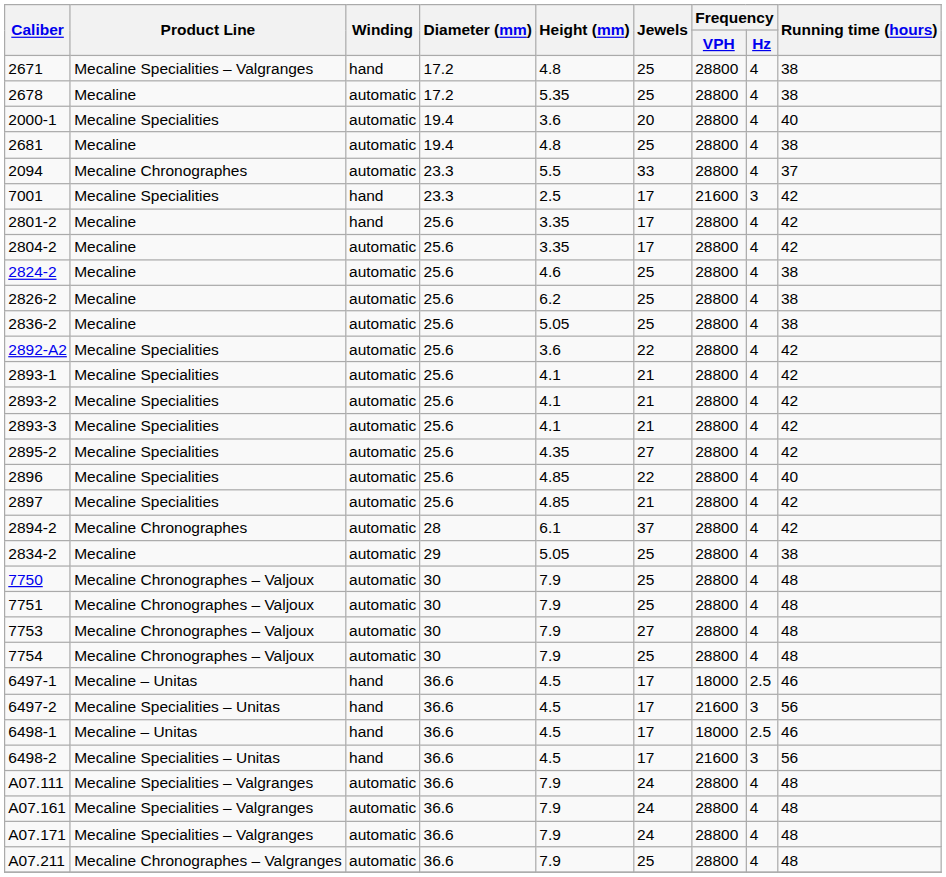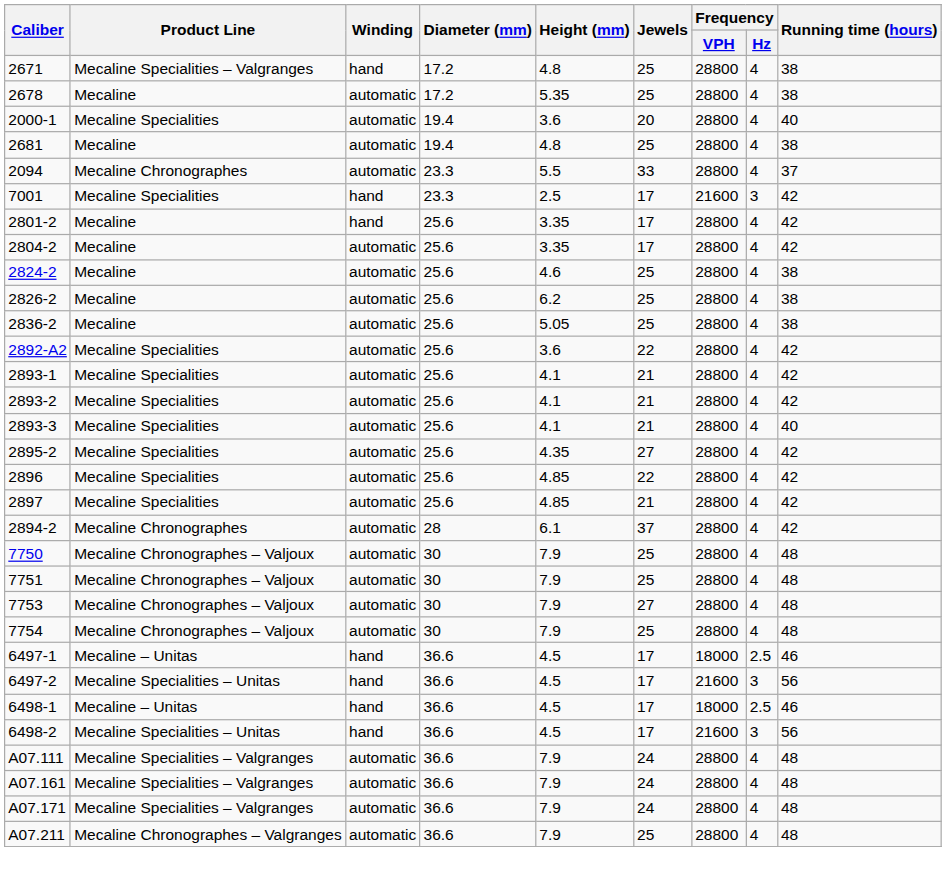 <table class="wikitable sortable" style="font-size: 80%;">
 <tr>
 <th rowspan="2"><a href='#'>Caliber</a></th>
 <th rowspan="2">Product Line</th>
 <th rowspan="2">Winding</th>
 <th rowspan="2">Diameter (<a href='#'>mm</a>)</th>
 <th rowspan="2">Height (<a href='#'>mm</a>)</th>
 <th rowspan="2">Jewels</th>
 <th colspan="2">Frequency</th>
 <th rowspan="2">Running time (<a href='#'>hours</a>)</th>
 </tr>
 <tr>
 <th><a href='#'>VPH</a></th>
 <th><a href='#'>Hz</a></th>
 </tr>
 <tr>
 <td>2671</td>
 <td>Mecaline Specialities – Valgranges</td>
 <td>hand</td>
 <td>17.2</td>
 <td>4.8</td>
 <td>25</td>
 <td>28800</td>
 <td>4</td>
 <td>38</td>
 </tr>
 <tr>
 <td>2678</td>
 <td>Mecaline</td>
 <td>automatic</td>
 <td>17.2</td>
 <td>5.35</td>
 <td>25</td>
 <td>28800</td>
 <td>4</td>
 <td>38</td>
 </tr>
 <tr>
 <td>2000-1</td>
 <td>Mecaline Specialities</td>
 <td>automatic</td>
 <td>19.4</td>
 <td>3.6</td>
 <td>20</td>
 <td>28800</td>
 <td>4</td>
 <td>40</td>
 </tr>
 <tr>
 <td>2681</td>
 <td>Mecaline</td>
 <td>automatic</td>
 <td>19.4</td>
 <td>4.8</td>
 <td>25</td>
 <td>28800</td>
 <td>4</td>
 <td>38</td>
 </tr>
 <tr>
 <td>2094</td>
 <td>Mecaline Chronographes</td>
 <td>automatic</td>
 <td>23.3</td>
 <td>5.5</td>
 <td>33</td>
 <td>28800</td>
 <td>4</td>
 <td>37</td>
 </tr>
 <tr>
 <td>7001</td>
 <td>Mecaline Specialities</td>
 <td>hand</td>
 <td>23.3</td>
 <td>2.5</td>
 <td>17</td>
 <td>21600</td>
 <td>3</td>
 <td>42</td>
 </tr>
 <tr>
 <td>2801-2</td>
 <td>Mecaline</td>
 <td>hand</td>
 <td>25.6</td>
 <td>3.35</td>
 <td>17</td>
 <td>28800</td>
 <td>4</td>
 <td>42</td>
 </tr>
 <tr>
 <td>2804-2</td>
 <td>Mecaline</td>
 <td>automatic</td>
 <td>25.6</td>
 <td>3.35</td>
 <td>17</td>
 <td>28800</td>
 <td>4</td>
 <td>42</td>
 </tr>
 <tr>
 <td><a href='#'>2824-2</a></td>
 <td>Mecaline</td>
 <td>automatic</td>
 <td>25.6</td>
 <td>4.6</td>
 <td>25</td>
 <td>28800</td>
 <td>4</td>
 <td>38</td>
 </tr>
 <tr>
 <td>2826-2</td>
 <td>Mecaline</td>
 <td>automatic</td>
 <td>25.6</td>
 <td>6.2</td>
 <td>25</td>
 <td>28800</td>
 <td>4</td>
 <td>38</td>
 </tr>
 <tr>
 <td>2836-2</td>
 <td>Mecaline</td>
 <td>automatic</td>
 <td>25.6</td>
 <td>5.05</td>
 <td>25</td>
 <td>28800</td>
 <td>4</td>
 <td>38</td>
 </tr>
 <tr>
 <td><a href='#'>2892-A2</a></td>
 <td>Mecaline Specialities</td>
 <td>automatic</td>
 <td>25.6</td>
 <td>3.6</td>
 <td>22</td>
 <td>28800</td>
 <td>4</td>
 <td>42</td>
 </tr>
 <tr>
 <td>2893-1</td>
 <td>Mecaline Specialities</td>
 <td>automatic</td>
 <td>25.6</td>
 <td>4.1</td>
 <td>21</td>
 <td>28800</td>
 <td>4</td>
 <td>42</td>
 </tr>
 <tr>
 <td>2893-2</td>
 <td>Mecaline Specialities</td>
 <td>automatic</td>
 <td>25.6</td>
 <td>4.1</td>
 <td>21</td>
 <td>28800</td>
 <td>4</td>
 <td>42</td>
 </tr>
 <tr>
 <td>2893-3</td>
 <td>Mecaline Specialities</td>
 <td>automatic</td>
 <td>25.6</td>
 <td>4.1</td>
 <td>21</td>
 <td>28800</td>
 <td>4</td>
-<td>42</td>
+<td>40</td>
 </tr>
 <tr>
 <td>2895-2</td>
 <td>Mecaline Specialities</td>
 <td>automatic</td>
 <td>25.6</td>
 <td>4.35</td>
 <td>27</td>
 <td>28800</td>
 <td>4</td>
 <td>42</td>
 </tr>
 <tr>
 <td>2896</td>
 <td>Mecaline Specialities</td>
 <td>automatic</td>
 <td>25.6</td>
 <td>4.85</td>
 <td>22</td>
 <td>28800</td>
 <td>4</td>
-<td>40</td>
+<td>42</td>
 </tr>
 <tr>
 <td>2897</td>
 <td>Mecaline Specialities</td>
 <td>automatic</td>
 <td>25.6</td>
 <td>4.85</td>
 <td>21</td>
 <td>28800</td>
 <td>4</td>
 <td>42</td>
 </tr>
 <tr>
 <td>2894-2</td>
 <td>Mecaline Chronographes</td>
 <td>automatic</td>
 <td>28</td>
 <td>6.1</td>
 <td>37</td>
 <td>28800</td>
 <td>4</td>
 <td>42</td>
-</tr>
-<tr>
-<td>2834-2</td>
-<td>Mecaline</td>
-<td>automatic</td>
-<td>29</td>
-<td>5.05</td>
-<td>25</td>
-<td>28800</td>
-<td>4</td>
-<td>38</td>
 </tr>
 <tr>
 <td><a href='#'>7750</a></td>
 <td>Mecaline Chronographes – Valjoux</td>
 <td>automatic</td>
 <td>30</td>
 <td>7.9</td>
 <td>25</td>
 <td>28800</td>
 <td>4</td>
 <td>48</td>
 </tr>
 <tr>
 <td>7751</td>
 <td>Mecaline Chronographes – Valjoux</td>
 <td>automatic</td>
 <td>30</td>
 <td>7.9</td>
 <td>25</td>
 <td>28800</td>
 <td>4</td>
 <td>48</td>
 </tr>
 <tr>
 <td>7753</td>
 <td>Mecaline Chronographes – Valjoux</td>
 <td>automatic</td>
 <td>30</td>
 <td>7.9</td>
 <td>27</td>
 <td>28800</td>
 <td>4</td>
 <td>48</td>
 </tr>
 <tr>
 <td>7754</td>
 <td>Mecaline Chronographes – Valjoux</td>
 <td>automatic</td>
 <td>30</td>
 <td>7.9</td>
 <td>25</td>
 <td>28800</td>
 <td>4</td>
 <td>48</td>
 </tr>
 <tr>
 <td>6497-1</td>
 <td>Mecaline – Unitas</td>
 <td>hand</td>
 <td>36.6</td>
 <td>4.5</td>
 <td>17</td>
 <td>18000</td>
 <td>2.5</td>
 <td>46</td>
 </tr>
 <tr>
 <td>6497-2</td>
 <td>Mecaline Specialities – Unitas</td>
 <td>hand</td>
 <td>36.6</td>
 <td>4.5</td>
 <td>17</td>
 <td>21600</td>
 <td>3</td>
 <td>56</td>
 </tr>
 <tr>
 <td>6498-1</td>
 <td>Mecaline – Unitas</td>
 <td>hand</td>
 <td>36.6</td>
 <td>4.5</td>
 <td>17</td>
 <td>18000</td>
 <td>2.5</td>
 <td>46</td>
 </tr>
 <tr>
 <td>6498-2</td>
 <td>Mecaline Specialities – Unitas</td>
 <td>hand</td>
 <td>36.6</td>
 <td>4.5</td>
 <td>17</td>
 <td>21600</td>
 <td>3</td>
 <td>56</td>
 </tr>
 <tr>
 <td>A07.111</td>
 <td>Mecaline Specialities – Valgranges</td>
 <td>automatic</td>
 <td>36.6</td>
 <td>7.9</td>
 <td>24</td>
 <td>28800</td>
 <td>4</td>
 <td>48</td>
 </tr>
 <tr>
 <td>A07.161</td>
 <td>Mecaline Specialities – Valgranges</td>
 <td>automatic</td>
 <td>36.6</td>
 <td>7.9</td>
 <td>24</td>
 <td>28800</td>
 <td>4</td>
 <td>48</td>
 </tr>
 <tr>
 <td>A07.171</td>
 <td>Mecaline Specialities – Valgranges</td>
 <td>automatic</td>
 <td>36.6</td>
 <td>7.9</td>
 <td>24</td>
 <td>28800</td>
 <td>4</td>
 <td>48</td>
 </tr>
 <tr>
 <td>A07.211</td>
 <td style="white-space: nowrap;">Mecaline Chronographes – Valgranges</td>
 <td>automatic</td>
 <td>36.6</td>
 <td>7.9</td>
 <td>25</td>
 <td>28800</td>
 <td>4</td>
 <td>48</td>
 </tr>
 <tr>
 </tr>
 </table>
